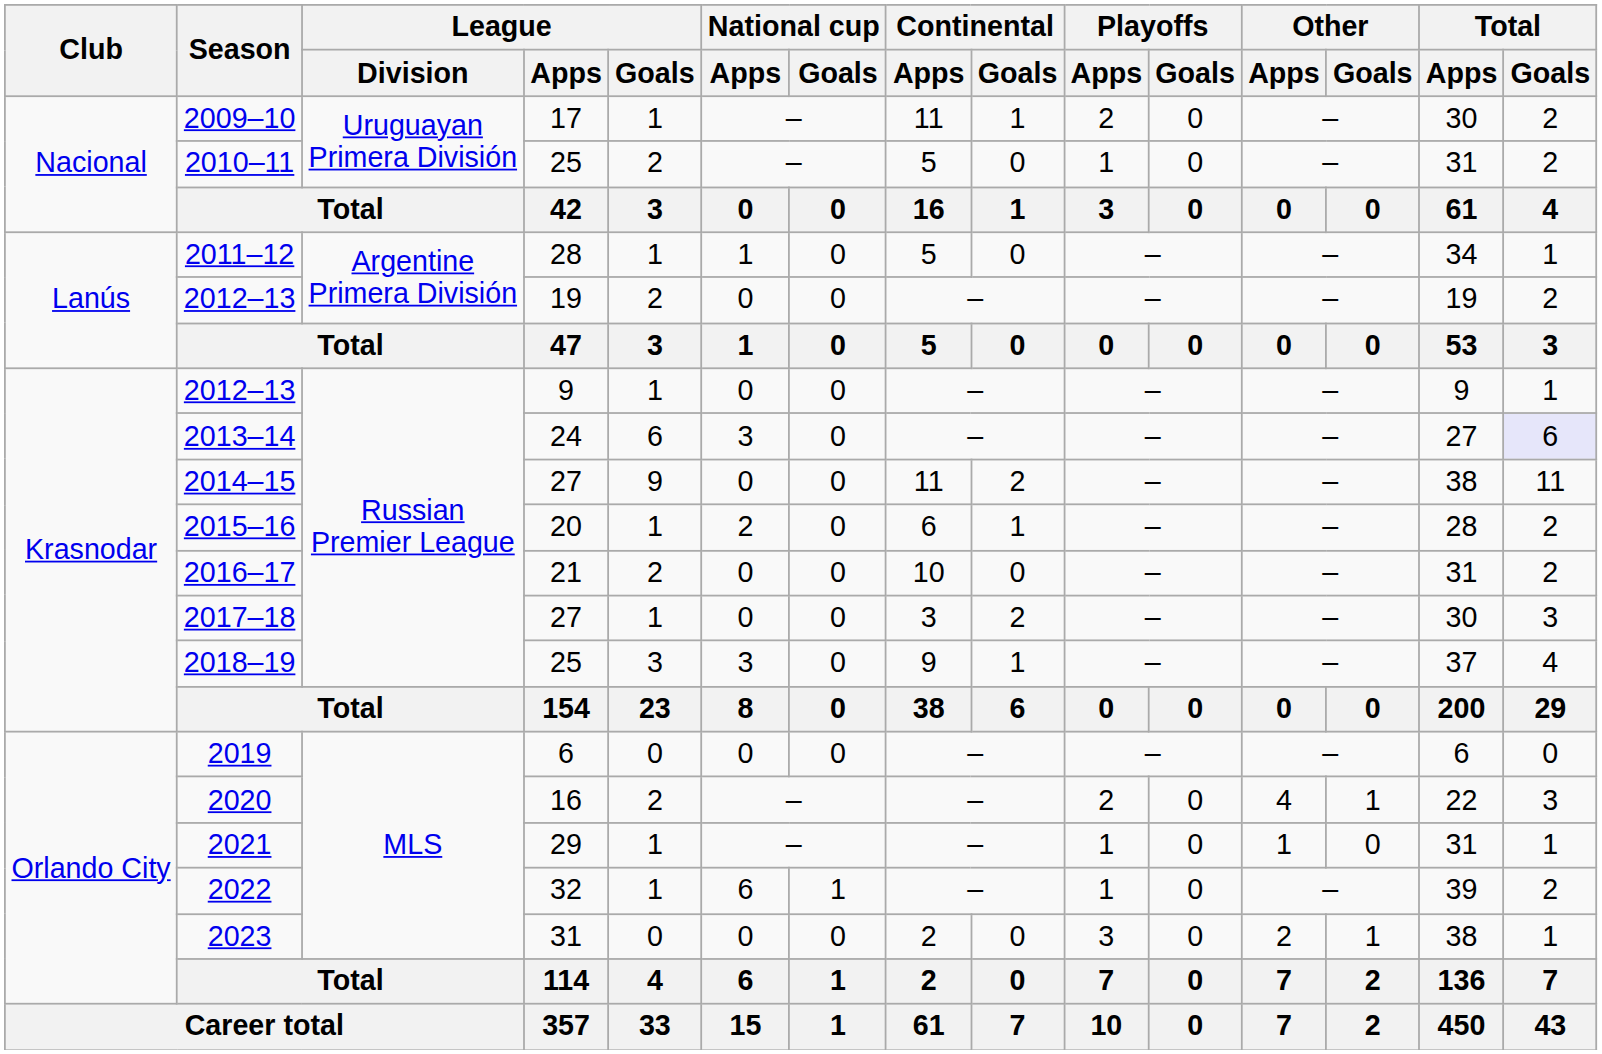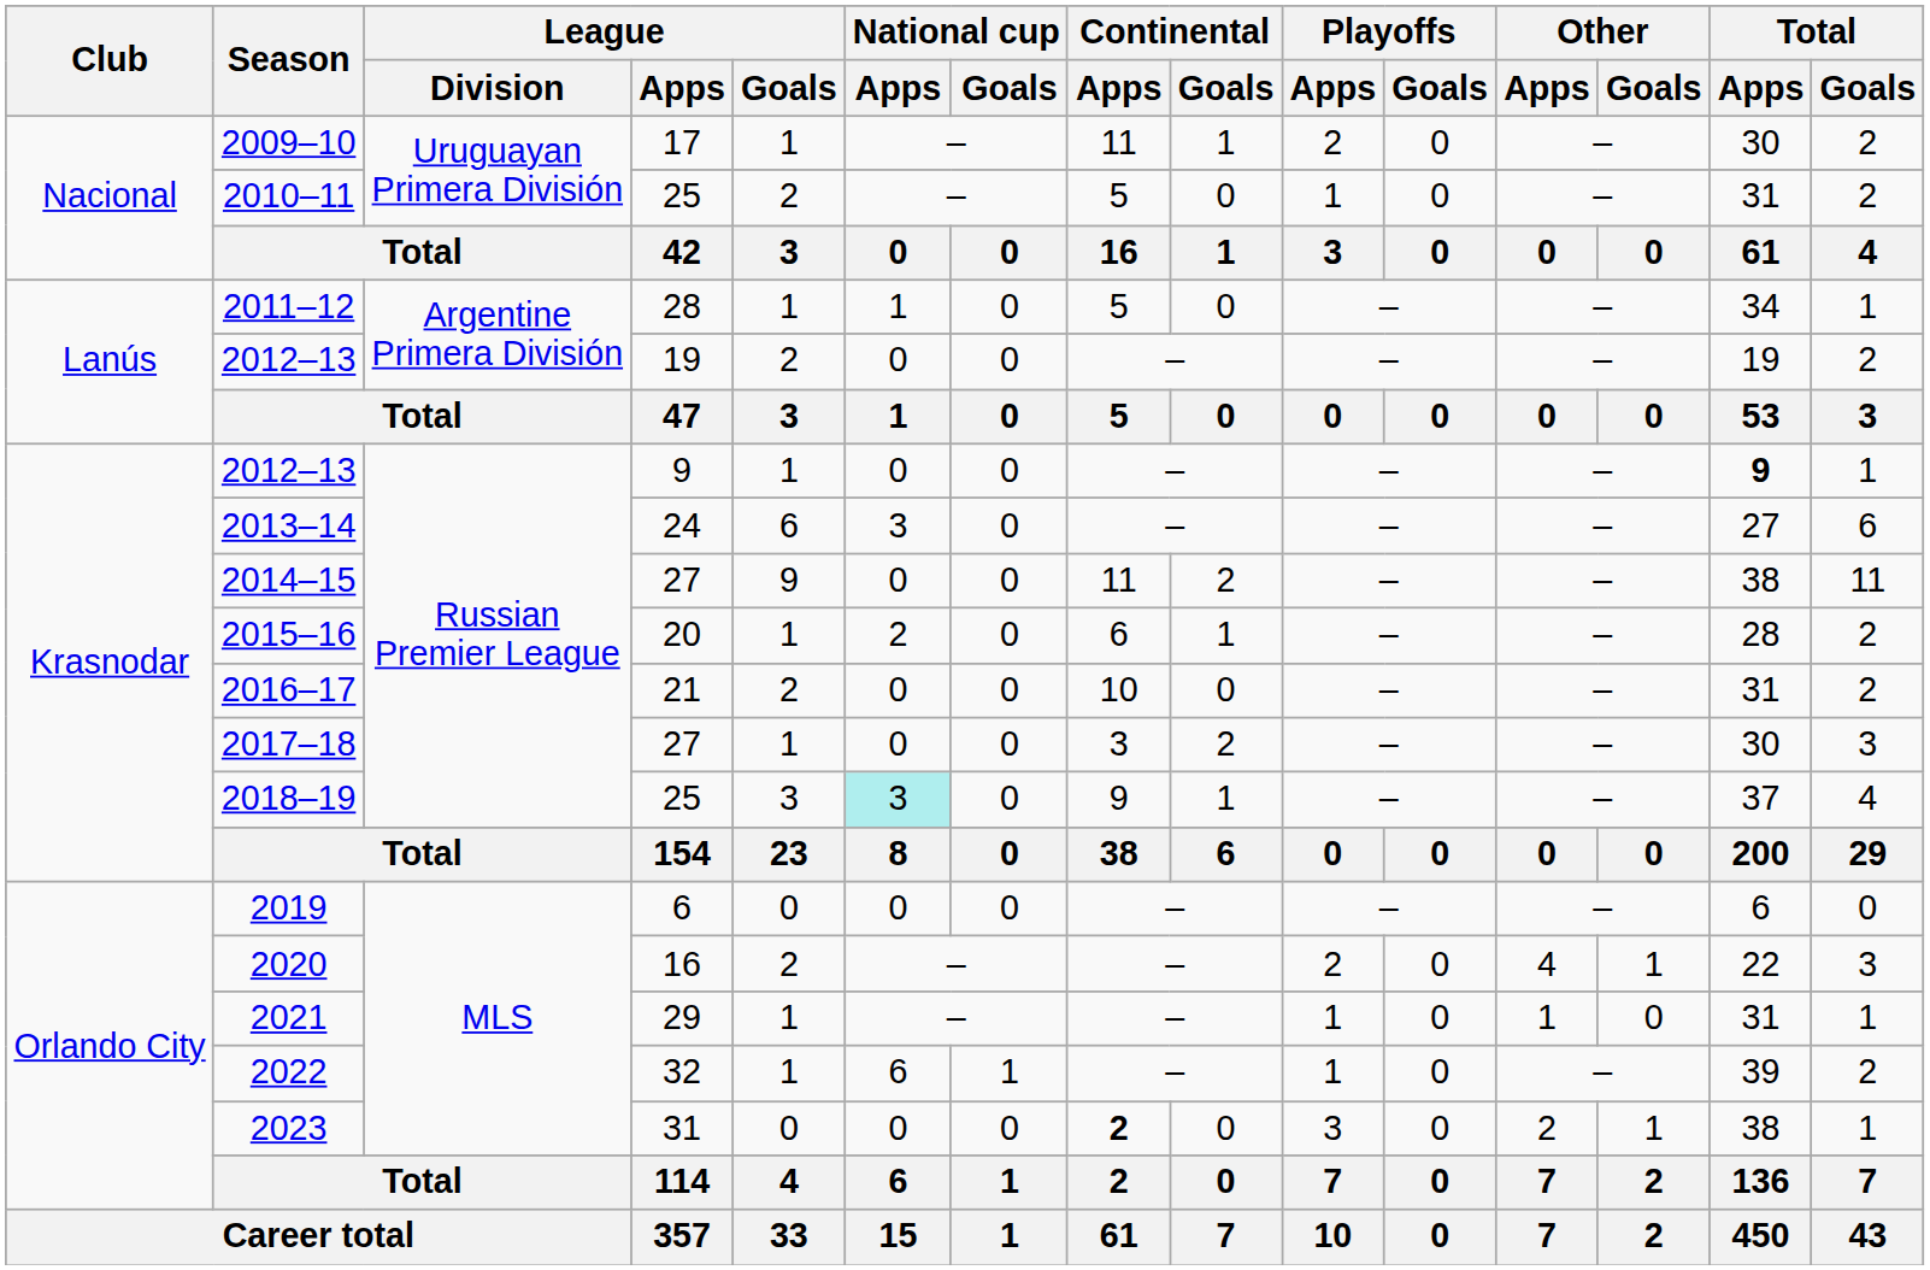 <table class="wikitable" style="text-align: center;">
 <tr>
 <th rowspan="2">Club</th>
 <th rowspan="2">Season</th>
 <th colspan="3">League</th>
 <th colspan="2">National cup</th>
 <th colspan="2">Continental</th>
 <th colspan="2">Playoffs</th>
 <th colspan="2">Other</th>
 <th colspan="2">Total</th>
 </tr>
 <tr>
 <th>Division</th>
 <th>Apps</th>
 <th>Goals</th>
 <th>Apps</th>
 <th>Goals</th>
 <th>Apps</th>
 <th>Goals</th>
 <th>Apps</th>
 <th>Goals</th>
 <th>Apps</th>
 <th>Goals</th>
 <th>Apps</th>
 <th>Goals</th>
 </tr>
 <tr>
 <td rowspan="3" valign="center"><a href='#'>Nacional</a></td>
 <td><a href='#'>2009–10</a></td>
 <td rowspan="2" valign="center"><a href='#'>Uruguayan<br>Primera División</a></td>
 <td>17</td>
 <td>1</td>
 <td colspan="2">–</td>
 <td>11</td>
 <td>1</td>
 <td>2</td>
 <td>0</td>
 <td colspan="2">–</td>
 <td>30</td>
 <td>2</td>
 </tr>
 <tr>
 <td><a href='#'>2010–11</a></td>
 <td>25</td>
 <td>2</td>
 <td colspan="2">–</td>
 <td>5</td>
 <td>0</td>
 <td>1</td>
 <td>0</td>
 <td colspan="2">–</td>
 <td>31</td>
 <td>2</td>
 </tr>
 <tr>
 <th colspan="2">Total</th>
 <th>42</th>
 <th>3</th>
 <th>0</th>
 <th>0</th>
 <th>16</th>
 <th>1</th>
 <th>3</th>
 <th>0</th>
 <th>0</th>
 <th>0</th>
 <th>61</th>
 <th>4</th>
 </tr>
 <tr>
 <td rowspan="3" valign="center"><a href='#'>Lanús</a></td>
 <td><a href='#'>2011–12</a></td>
 <td rowspan="2" valign="center"><a href='#'>Argentine<br>Primera División</a></td>
 <td>28</td>
 <td>1</td>
 <td>1</td>
 <td>0</td>
 <td>5</td>
 <td>0</td>
 <td colspan="2">–</td>
 <td colspan="2">–</td>
 <td>34</td>
 <td>1</td>
 </tr>
 <tr>
 <td><a href='#'>2012–13</a></td>
 <td>19</td>
 <td>2</td>
 <td>0</td>
 <td>0</td>
 <td colspan="2">–</td>
 <td colspan="2">–</td>
 <td colspan="2">–</td>
 <td>19</td>
 <td>2</td>
 </tr>
 <tr>
 <th colspan="2">Total</th>
 <th>47</th>
 <th>3</th>
 <th>1</th>
 <th>0</th>
 <th>5</th>
 <th>0</th>
 <th>0</th>
 <th>0</th>
 <th>0</th>
 <th>0</th>
 <th>53</th>
 <th>3</th>
 </tr>
 <tr>
 <td rowspan="8" valign="center"><a href='#'>Krasnodar</a></td>
 <td><a href='#'>2012–13</a></td>
 <td rowspan="7" valign="center"><a href='#'>Russian<br>Premier League</a></td>
 <td>9</td>
 <td>1</td>
 <td>0</td>
 <td>0</td>
 <td colspan="2">–</td>
 <td colspan="2">–</td>
 <td colspan="2">–</td>
-<td>9</td>
+<td><strong>9</strong></td>
 <td>1</td>
 </tr>
 <tr>
 <td><a href='#'>2013–14</a></td>
 <td>24</td>
 <td>6</td>
 <td>3</td>
 <td>0</td>
 <td colspan="2">–</td>
 <td colspan="2">–</td>
 <td colspan="2">–</td>
 <td>27</td>
-<td style="background: lavender;">6</td>
+<td>6</td>
 </tr>
 <tr>
 <td><a href='#'>2014–15</a></td>
 <td>27</td>
 <td>9</td>
 <td>0</td>
 <td>0</td>
 <td>11</td>
 <td>2</td>
 <td colspan="2">–</td>
 <td colspan="2">–</td>
 <td>38</td>
 <td>11</td>
 </tr>
 <tr>
 <td><a href='#'>2015–16</a></td>
 <td>20</td>
 <td>1</td>
 <td>2</td>
 <td>0</td>
 <td>6</td>
 <td>1</td>
 <td colspan="2">–</td>
 <td colspan="2">–</td>
 <td>28</td>
 <td>2</td>
 </tr>
 <tr>
 <td><a href='#'>2016–17</a></td>
 <td>21</td>
 <td>2</td>
 <td>0</td>
 <td>0</td>
 <td>10</td>
 <td>0</td>
 <td colspan="2">–</td>
 <td colspan="2">–</td>
 <td>31</td>
 <td>2</td>
 </tr>
 <tr>
 <td><a href='#'>2017–18</a></td>
 <td>27</td>
 <td>1</td>
 <td>0</td>
 <td>0</td>
 <td>3</td>
 <td>2</td>
 <td colspan="2">–</td>
 <td colspan="2">–</td>
 <td>30</td>
 <td>3</td>
 </tr>
 <tr>
 <td><a href='#'>2018–19</a></td>
 <td>25</td>
 <td>3</td>
-<td>3</td>
+<td style="background: paleturquoise;">3</td>
 <td>0</td>
 <td>9</td>
 <td>1</td>
 <td colspan="2">–</td>
 <td colspan="2">–</td>
 <td>37</td>
 <td>4</td>
 </tr>
 <tr>
 <th colspan="2">Total</th>
 <th>154</th>
 <th>23</th>
 <th>8</th>
 <th>0</th>
 <th>38</th>
 <th>6</th>
 <th>0</th>
 <th>0</th>
 <th>0</th>
 <th>0</th>
 <th>200</th>
 <th>29</th>
 </tr>
 <tr>
 <td rowspan="6" valign="center"><a href='#'>Orlando City</a></td>
 <td><a href='#'>2019</a></td>
 <td rowspan="5" valign="center"><a href='#'>MLS</a></td>
 <td>6</td>
 <td>0</td>
 <td>0</td>
 <td>0</td>
 <td colspan="2">–</td>
 <td colspan="2">–</td>
 <td colspan="2">–</td>
 <td>6</td>
 <td>0</td>
 </tr>
 <tr>
 <td><a href='#'>2020</a></td>
 <td>16</td>
 <td>2</td>
 <td colspan="2">–</td>
 <td colspan="2">–</td>
 <td>2</td>
 <td>0</td>
 <td>4</td>
 <td>1</td>
 <td>22</td>
 <td>3</td>
 </tr>
 <tr>
 <td><a href='#'>2021</a></td>
 <td>29</td>
 <td>1</td>
 <td colspan="2">–</td>
 <td colspan="2">–</td>
 <td>1</td>
 <td>0</td>
 <td>1</td>
 <td>0</td>
 <td>31</td>
 <td>1</td>
 </tr>
 <tr>
 <td><a href='#'>2022</a></td>
 <td>32</td>
 <td>1</td>
 <td>6</td>
 <td>1</td>
 <td colspan="2">–</td>
 <td>1</td>
 <td>0</td>
 <td colspan="2">–</td>
 <td>39</td>
 <td>2</td>
 </tr>
 <tr>
 <td><a href='#'>2023</a></td>
 <td>31</td>
 <td>0</td>
 <td>0</td>
 <td>0</td>
-<td>2</td>
+<td><strong>2</strong></td>
 <td>0</td>
 <td>3</td>
 <td>0</td>
 <td>2</td>
 <td>1</td>
 <td>38</td>
 <td>1</td>
 </tr>
 <tr>
 <th colspan="2">Total</th>
 <th>114</th>
 <th>4</th>
 <th>6</th>
 <th>1</th>
 <th>2</th>
 <th>0</th>
 <th>7</th>
 <th>0</th>
 <th>7</th>
 <th>2</th>
 <th>136</th>
 <th>7</th>
 </tr>
 <tr>
 <th colspan="3">Career total</th>
 <th>357</th>
 <th>33</th>
 <th>15</th>
 <th>1</th>
 <th>61</th>
 <th>7</th>
 <th>10</th>
 <th>0</th>
 <th>7</th>
 <th>2</th>
 <th>450</th>
 <th>43</th>
 </tr>
 </table>
